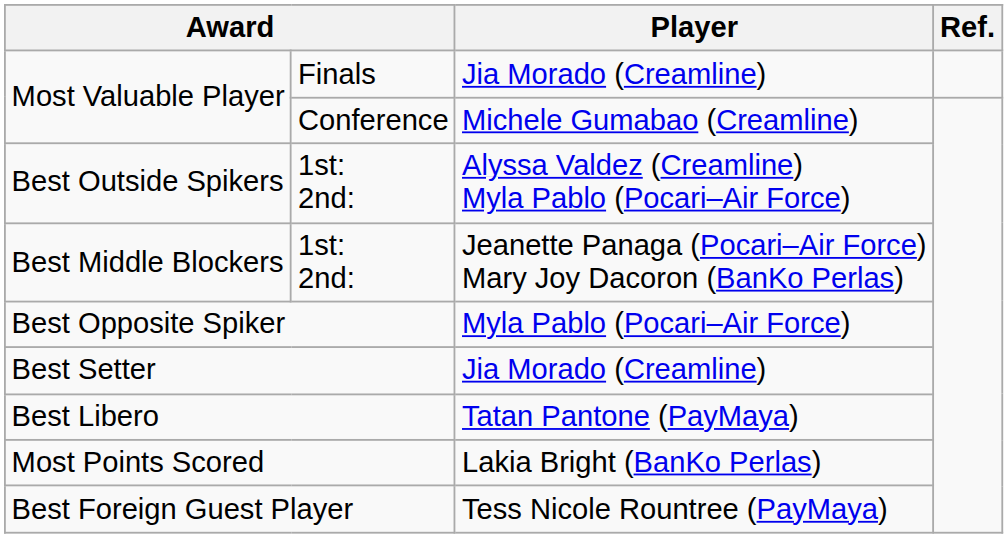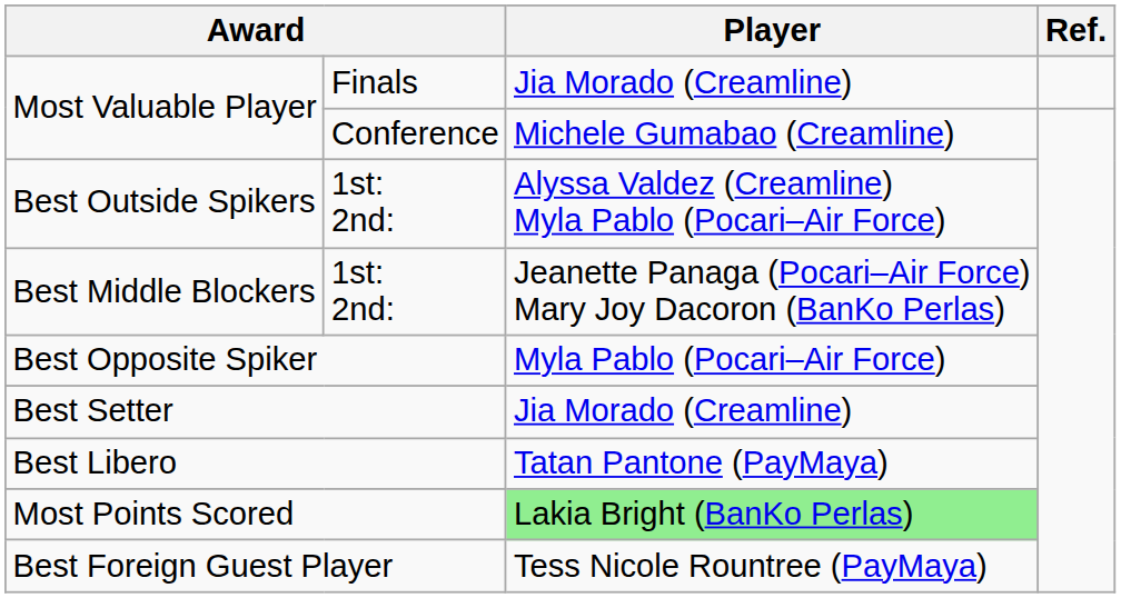 <table class="wikitable">
 <tr>
 <th colspan="2">Award</th>
 <th>Player</th>
 <th>Ref.</th>
 </tr>
 <tr>
 <td rowspan=2>Most Valuable Player</td>
 <td>Finals</td>
 <td> <a href='#'>Jia Morado</a> (<a href='#'>Creamline</a>)</td>
 <td style="text-align:center;"></td>
 </tr>
 <tr>
 <td>Conference</td>
 <td> <a href='#'>Michele Gumabao</a> (<a href='#'>Creamline</a>)</td>
 <td rowspan=8 style="text-align:center;"></td>
 </tr>
 <tr>
 <td>Best Outside Spikers</td>
 <td>1st:<br>2nd:</td>
 <td> <a href='#'>Alyssa Valdez</a> (<a href='#'>Creamline</a>)<br> <a href='#'>Myla Pablo</a> (<a href='#'>Pocari–Air Force</a>)</td>
 </tr>
 <tr>
 <td>Best Middle Blockers</td>
 <td>1st:<br>2nd:</td>
 <td> Jeanette Panaga (<a href='#'>Pocari–Air Force</a>)<br> Mary Joy Dacoron (<a href='#'>BanKo Perlas</a>)</td>
 </tr>
 <tr>
 <td colspan="2">Best Opposite Spiker</td>
 <td> <a href='#'>Myla Pablo</a> (<a href='#'>Pocari–Air Force</a>)</td>
 </tr>
 <tr>
 <td colspan="2">Best Setter</td>
 <td> <a href='#'>Jia Morado</a> (<a href='#'>Creamline</a>)</td>
 </tr>
 <tr>
 <td colspan="2">Best Libero</td>
 <td> <a href='#'>Tatan Pantone</a> (<a href='#'>PayMaya</a>)</td>
 </tr>
 <tr>
 <td colspan="2">Most Points Scored</td>
-<td> Lakia Bright (<a href='#'>BanKo Perlas</a>)</td>
+<td style="background: lightgreen;"> Lakia Bright (<a href='#'>BanKo Perlas</a>)</td>
 </tr>
 <tr>
 <td colspan="2">Best Foreign Guest Player</td>
 <td> Tess Nicole Rountree (<a href='#'>PayMaya</a>)</td>
 </tr>
 </table>
